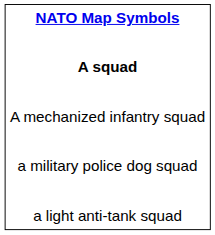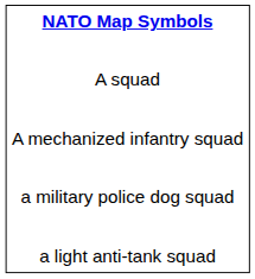 <table class="floatright" style="border:1px solid black; background:white;float: right;text-align: center" cellpadding="3">
 <tr>
 <th><a href='#'>NATO Map Symbols</a></th>
 </tr>
 <tr>
 <td><br></td>
 </tr>
 <tr>
-<td><strong>A squad</strong></td>
+<td>A squad</td>
 </tr>
 <tr>
 <td><br></td>
 </tr>
 <tr>
 <td>A mechanized infantry squad</td>
 </tr>
 <tr>
 <td><br></td>
 </tr>
 <tr>
 <td>a military police dog squad</td>
 </tr>
 <tr>
 <td><br></td>
 </tr>
 <tr>
 <td>a light anti-tank squad</td>
 </tr>
 </table>
